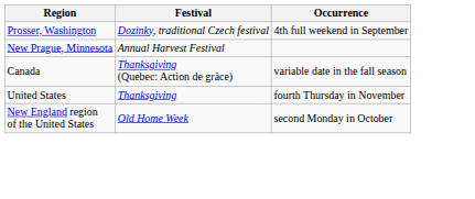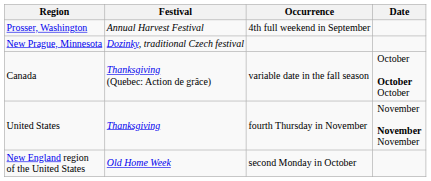 <table class="wikitable">
 <tr>
 <th>Region</th>
 <th>Festival</th>
 <th>Occurrence</th>
+<th>Date</th>
 </tr>
 <tr>
 <td><a href='#'>Prosser, Washington</a></td>
-<td><em><a href='#'>Dozinky</a>, traditional Czech festival</em></td>
+<td><em>Annual Harvest Festival</em></td>
 <td>4th full weekend in September</td>
+<td></td>
 </tr>
 <tr>
 <td><a href='#'>New Prague, Minnesota</a></td>
-<td><em>Annual Harvest Festival</em></td>
+<td><em><a href='#'>Dozinky</a>, traditional Czech festival</em></td>
+<td></td>
 <td></td>
 </tr>
 <tr>
 <td>Canada</td>
 <td><em><a href='#'>Thanksgiving</a></em><br>(Quebec: Action de grâce)</td>
 <td>variable date in the fall season</td>
+<td> October <br><br><strong> October </strong><br>  October </td>
 </tr>
 <tr>
 <td>United States</td>
 <td><em><a href='#'>Thanksgiving</a></em></td>
 <td>fourth Thursday in November</td>
+<td> November <br><br><strong> November </strong><br>  November </td>
 </tr>
 <tr>
 <td><a href='#'>New England</a> region<br>of the United States</td>
 <td><em><a href='#'>Old Home Week</a></em></td>
 <td>second Monday in October</td>
+<td></td>
 </tr>
 </table>
